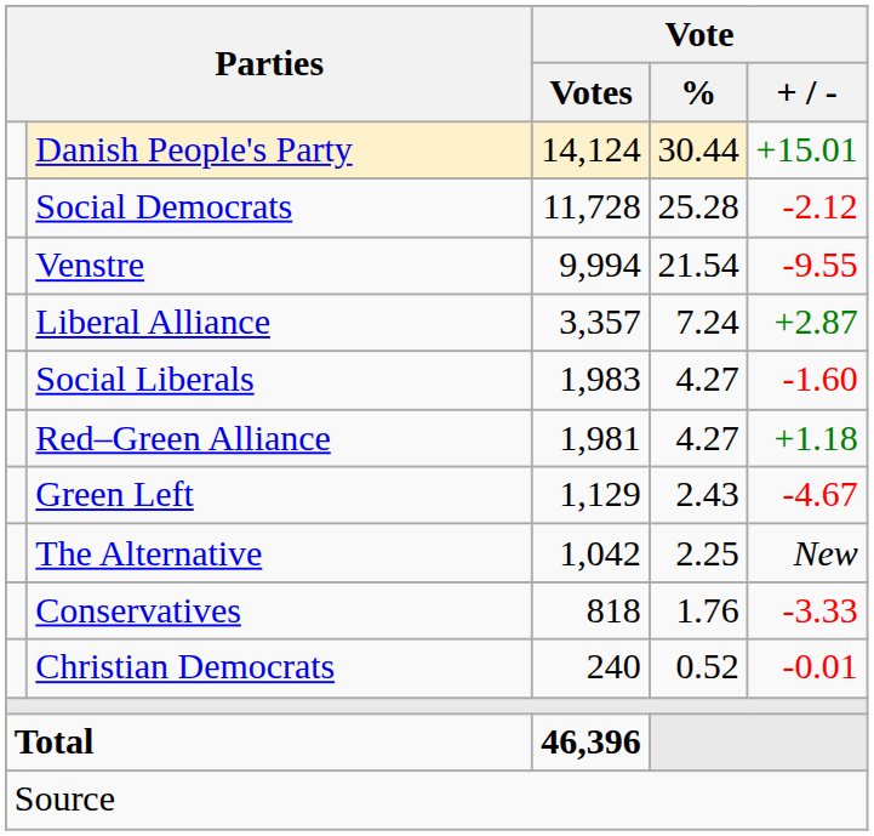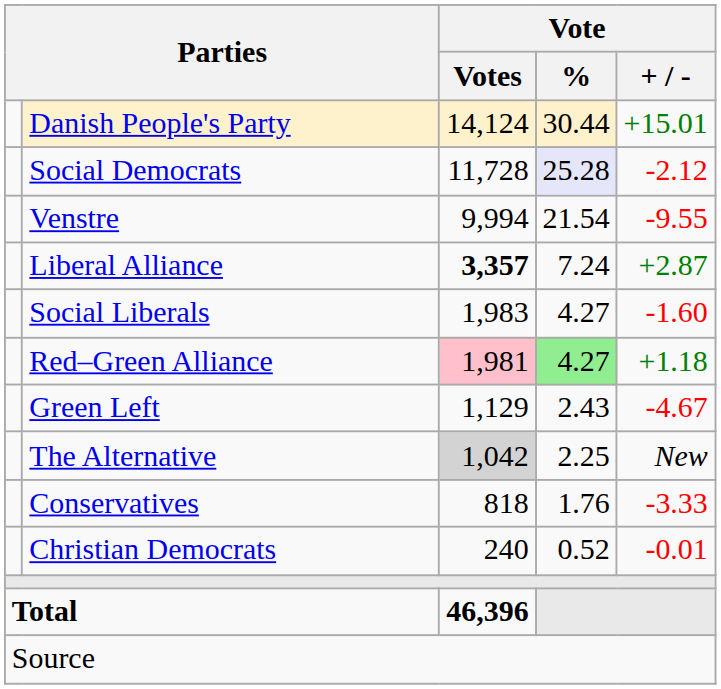 <table class="wikitable" style="text-align:right;">
 <tr>
 <th style="text-align:centre;" rowspan="2" colspan="2" width="225">Parties</th>
 <th colspan="3">Vote</th>
 </tr>
 <tr>
 <th width="15">Votes</th>
 <th width="15">%</th>
 <th width="15">+ / -</th>
 </tr>
 <tr>
 <td width="2" style="color:inherit;background:"></td>
 <td bgcolor=#fef2cc  align="left"><a href='#'>Danish People's Party</a></td>
 <td bgcolor=#fef2cc>14,124</td>
 <td bgcolor=#fef2cc>30.44</td>
 <td style=color:green;>+15.01</td>
 </tr>
 <tr>
 <td width="2" style="color:inherit;background:"></td>
 <td align="left"><a href='#'>Social Democrats</a></td>
 <td>11,728</td>
-<td>25.28</td>
+<td style="background: lavender;">25.28</td>
 <td style=color:red;>-2.12</td>
 </tr>
 <tr>
 <td width="2" style="color:inherit;background:"></td>
 <td align="left"><a href='#'>Venstre</a></td>
 <td>9,994</td>
 <td>21.54</td>
 <td style=color:red;>-9.55</td>
 </tr>
 <tr>
 <td width="2" style="color:inherit;background:"></td>
 <td align="left"><a href='#'>Liberal Alliance</a></td>
-<td>3,357</td>
+<td><strong>3,357</strong></td>
 <td>7.24</td>
 <td style=color:green;>+2.87</td>
 </tr>
 <tr>
 <td width="2" style="color:inherit;background:"></td>
 <td align="left"><a href='#'>Social Liberals</a></td>
 <td>1,983</td>
 <td>4.27</td>
 <td style=color:red;>-1.60</td>
 </tr>
 <tr>
 <td width="2" style="color:inherit;background:"></td>
 <td align="left"><a href='#'>Red–Green Alliance</a></td>
-<td>1,981</td>
-<td>4.27</td>
+<td style="background: pink;">1,981</td>
+<td style="background: lightgreen;">4.27</td>
 <td style=color:green;>+1.18</td>
 </tr>
 <tr>
 <td width="2" style="color:inherit;background:"></td>
 <td align="left"><a href='#'>Green Left</a></td>
 <td>1,129</td>
 <td>2.43</td>
 <td style=color:red;>-4.67</td>
 </tr>
 <tr>
 <td width="2" style="color:inherit;background:"></td>
 <td align="left"><a href='#'>The Alternative</a></td>
-<td>1,042</td>
+<td style="background: lightgrey;">1,042</td>
 <td>2.25</td>
 <td><em>New</em></td>
 </tr>
 <tr>
 <td width="2" style="color:inherit;background:"></td>
 <td align="left"><a href='#'>Conservatives</a></td>
 <td>818</td>
 <td>1.76</td>
 <td style=color:red;>-3.33</td>
 </tr>
 <tr>
 <td width="2" style="color:inherit;background:"></td>
 <td align="left"><a href='#'>Christian Democrats</a></td>
 <td>240</td>
 <td>0.52</td>
 <td style=color:red;>-0.01</td>
 </tr>
 <tr>
 <td colspan="7" bgcolor="#E9E9E9"></td>
 </tr>
 <tr>
 <td align="left" colspan="2"><strong>Total</strong></td>
 <td><strong>46,396</strong></td>
 <td bgcolor="#E9E9E9" colspan="2"></td>
 </tr>
 <tr>
 <td align="left" colspan="6">Source</td>
 </tr>
 </table>
